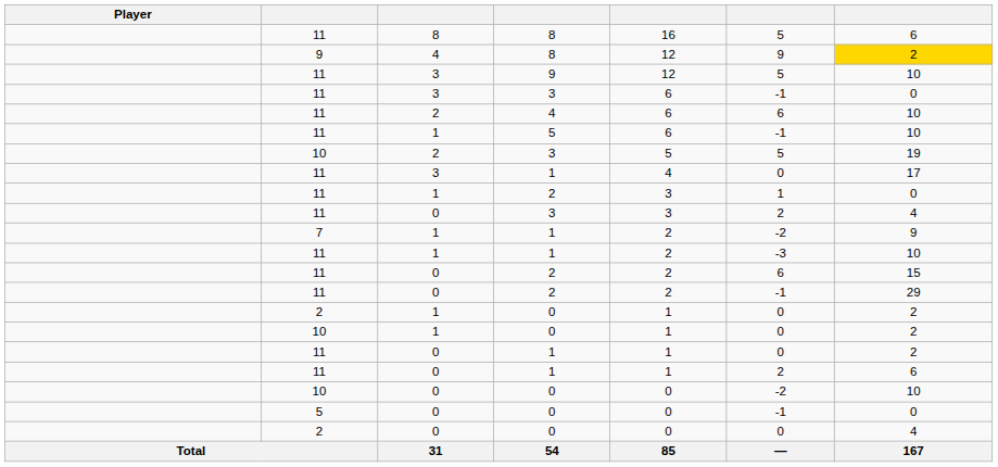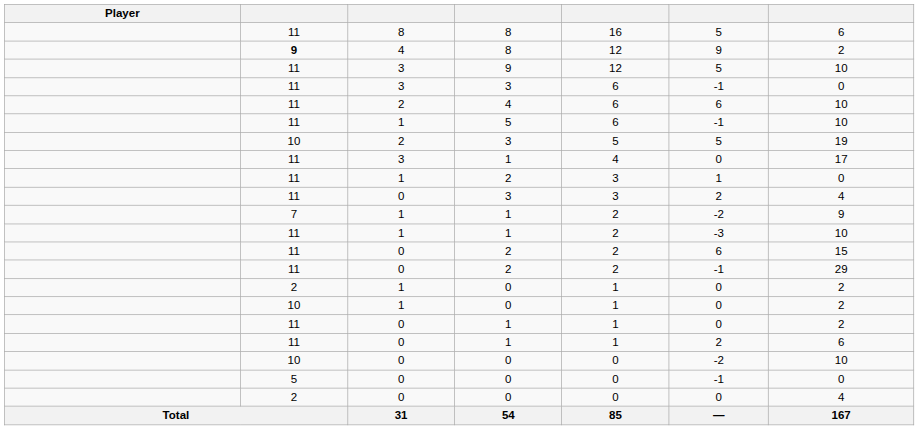 <table class="wikitable sortable" style="width:100%; text-align:center;">
 <tr>
 <th>Player</th>
 <th></th>
 <th></th>
 <th></th>
 <th></th>
 <th data-sort-type="number"></th>
 <th></th>
 </tr>
 <tr>
 <td></td>
 <td>11</td>
 <td>8</td>
 <td>8</td>
 <td>16</td>
 <td>5</td>
 <td>6</td>
 </tr>
 <tr>
 <td></td>
-<td>9</td>
+<td><strong>9</strong></td>
 <td>4</td>
 <td>8</td>
 <td>12</td>
 <td>9</td>
-<td style="background: gold;">2</td>
+<td>2</td>
 </tr>
 <tr>
 <td></td>
 <td>11</td>
 <td>3</td>
 <td>9</td>
 <td>12</td>
 <td>5</td>
 <td>10</td>
 </tr>
 <tr>
 <td></td>
 <td>11</td>
 <td>3</td>
 <td>3</td>
 <td>6</td>
 <td>-1</td>
 <td>0</td>
 </tr>
 <tr>
 <td></td>
 <td>11</td>
 <td>2</td>
 <td>4</td>
 <td>6</td>
 <td>6</td>
 <td>10</td>
 </tr>
 <tr>
 <td></td>
 <td>11</td>
 <td>1</td>
 <td>5</td>
 <td>6</td>
 <td>-1</td>
 <td>10</td>
 </tr>
 <tr>
 <td></td>
 <td>10</td>
 <td>2</td>
 <td>3</td>
 <td>5</td>
 <td>5</td>
 <td>19</td>
 </tr>
 <tr>
 <td></td>
 <td>11</td>
 <td>3</td>
 <td>1</td>
 <td>4</td>
 <td>0</td>
 <td>17</td>
 </tr>
 <tr>
 <td></td>
 <td>11</td>
 <td>1</td>
 <td>2</td>
 <td>3</td>
 <td>1</td>
 <td>0</td>
 </tr>
 <tr>
 <td></td>
 <td>11</td>
 <td>0</td>
 <td>3</td>
 <td>3</td>
 <td>2</td>
 <td>4</td>
 </tr>
 <tr>
 <td></td>
 <td>7</td>
 <td>1</td>
 <td>1</td>
 <td>2</td>
 <td>-2</td>
 <td>9</td>
 </tr>
 <tr>
 <td></td>
 <td>11</td>
 <td>1</td>
 <td>1</td>
 <td>2</td>
 <td>-3</td>
 <td>10</td>
 </tr>
 <tr>
 <td></td>
 <td>11</td>
 <td>0</td>
 <td>2</td>
 <td>2</td>
 <td>6</td>
 <td>15</td>
 </tr>
 <tr>
 <td></td>
 <td>11</td>
 <td>0</td>
 <td>2</td>
 <td>2</td>
 <td>-1</td>
 <td>29</td>
 </tr>
 <tr>
 <td></td>
 <td>2</td>
 <td>1</td>
 <td>0</td>
 <td>1</td>
 <td>0</td>
 <td>2</td>
 </tr>
 <tr>
 <td></td>
 <td>10</td>
 <td>1</td>
 <td>0</td>
 <td>1</td>
 <td>0</td>
 <td>2</td>
 </tr>
 <tr>
 <td></td>
 <td>11</td>
 <td>0</td>
 <td>1</td>
 <td>1</td>
 <td>0</td>
 <td>2</td>
 </tr>
 <tr>
 <td></td>
 <td>11</td>
 <td>0</td>
 <td>1</td>
 <td>1</td>
 <td>2</td>
 <td>6</td>
 </tr>
 <tr>
 <td></td>
 <td>10</td>
 <td>0</td>
 <td>0</td>
 <td>0</td>
 <td>-2</td>
 <td>10</td>
 </tr>
 <tr>
 <td></td>
 <td>5</td>
 <td>0</td>
 <td>0</td>
 <td>0</td>
 <td>-1</td>
 <td>0</td>
 </tr>
 <tr>
 <td></td>
 <td>2</td>
 <td>0</td>
 <td>0</td>
 <td>0</td>
 <td>0</td>
 <td>4</td>
 </tr>
 <tr class="sortbottom">
 <th colspan=2>Total</th>
 <th>31</th>
 <th>54</th>
 <th>85</th>
 <th>—</th>
 <th>167</th>
 </tr>
 </table>
